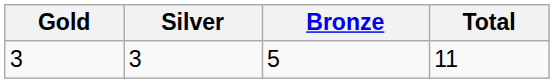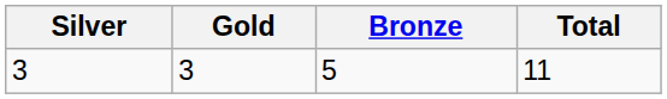 <table class="wikitable" width=30%>
 <tr>
+<th>Silver</th>
 <th>Gold</th>
-<th>Silver</th>
 <th><a href='#'>Bronze</a></th>
 <th>Total</th>
 </tr>
 <tr>
 <td>3</td>
 <td>3</td>
 <td>5</td>
 <td>11</td>
 </tr>
 </table>
